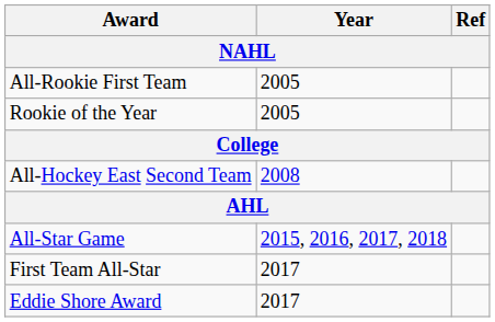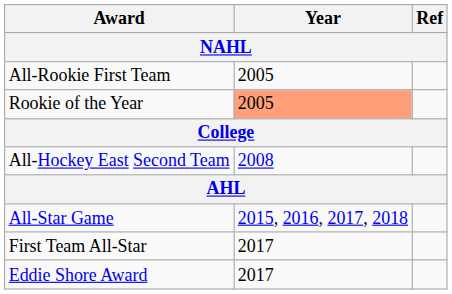 <table class="wikitable">
 <tr>
 <th>Award</th>
 <th>Year</th>
 <th>Ref</th>
 </tr>
 <tr>
 <th colspan="3"><a href='#'>NAHL</a></th>
 </tr>
 <tr>
 <td>All-Rookie First Team</td>
 <td>2005</td>
 <td></td>
 </tr>
 <tr>
 <td>Rookie of the Year</td>
-<td>2005</td>
+<td style="background: lightsalmon;">2005</td>
 <td></td>
 </tr>
 <tr>
 <th colspan="3"><a href='#'>College</a></th>
 </tr>
 <tr>
 <td>All-<a href='#'>Hockey East</a> <a href='#'>Second Team</a></td>
 <td><a href='#'>2008</a></td>
 <td></td>
 </tr>
 <tr>
 <th colspan="3"><a href='#'>AHL</a></th>
 </tr>
 <tr>
 <td><a href='#'>All-Star Game</a></td>
 <td><a href='#'>2015</a>, <a href='#'>2016</a>, <a href='#'>2017</a>, <a href='#'>2018</a></td>
 <td></td>
 </tr>
 <tr>
 <td>First Team All-Star</td>
 <td>2017</td>
 <td></td>
 </tr>
 <tr>
 <td><a href='#'>Eddie Shore Award</a></td>
 <td>2017</td>
 <td></td>
 </tr>
 </table>
